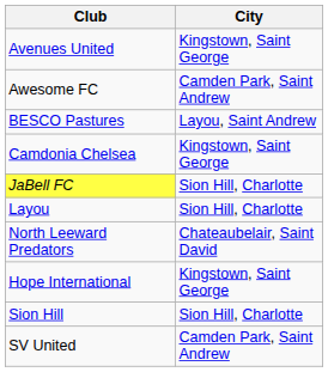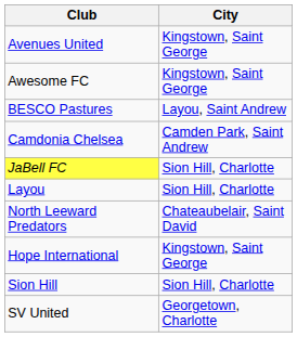 <table class="wikitable">
 <tr>
 <th width="175px">Club</th>
 <th width="150px">City</th>
 </tr>
 <tr>
 <td><a href='#'>Avenues United</a></td>
 <td><a href='#'>Kingstown</a>, <a href='#'>Saint George</a></td>
 </tr>
 <tr>
 <td>Awesome FC</td>
-<td><a href='#'>Camden Park</a>, <a href='#'>Saint Andrew</a></td>
+<td><a href='#'>Kingstown</a>, <a href='#'>Saint George</a></td>
 </tr>
 <tr>
 <td><a href='#'>BESCO Pastures</a></td>
 <td><a href='#'>Layou</a>, <a href='#'>Saint Andrew</a></td>
 </tr>
 <tr>
 <td><a href='#'>Camdonia Chelsea</a></td>
-<td><a href='#'>Kingstown</a>, <a href='#'>Saint George</a></td>
+<td><a href='#'>Camden Park</a>, <a href='#'>Saint Andrew</a></td>
 </tr>
 <tr>
 <td style="background:#FFFF44"><em>JaBell FC</em></td>
 <td><a href='#'>Sion Hill</a>, <a href='#'>Charlotte</a></td>
 </tr>
 <tr>
 <td><a href='#'>Layou</a></td>
 <td><a href='#'>Sion Hill</a>, <a href='#'>Charlotte</a></td>
 </tr>
 <tr>
 <td><a href='#'>North Leeward Predators</a></td>
 <td><a href='#'>Chateaubelair</a>, <a href='#'>Saint David</a></td>
 </tr>
 <tr>
 <td><a href='#'>Hope International</a></td>
 <td><a href='#'>Kingstown</a>, <a href='#'>Saint George</a></td>
 </tr>
 <tr>
 <td><a href='#'>Sion Hill</a></td>
 <td><a href='#'>Sion Hill</a>, <a href='#'>Charlotte</a></td>
 </tr>
 <tr>
 <td>SV United</td>
-<td><a href='#'>Camden Park</a>, <a href='#'>Saint Andrew</a></td>
+<td><a href='#'>Georgetown</a>, <a href='#'>Charlotte</a></td>
 </tr>
 </table>
